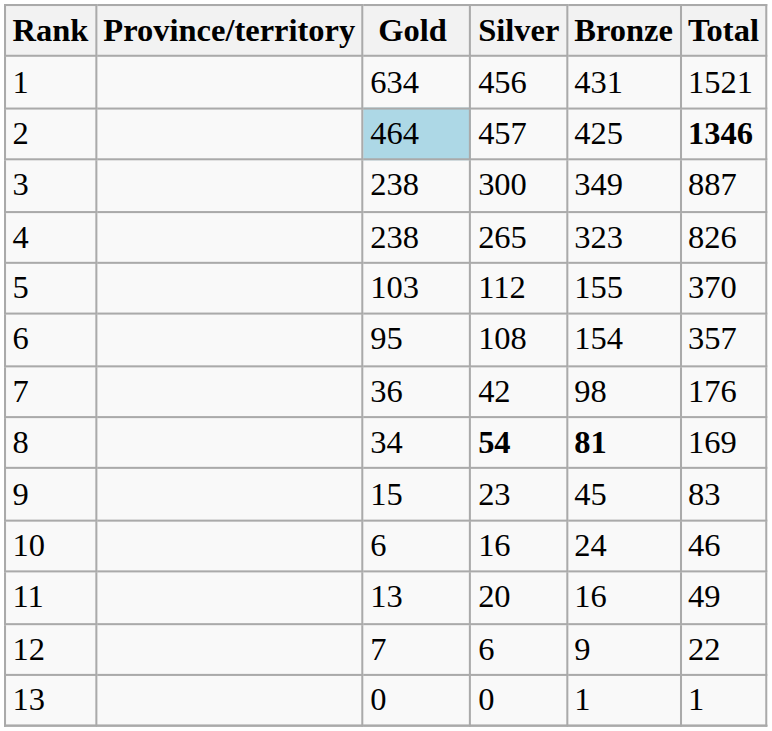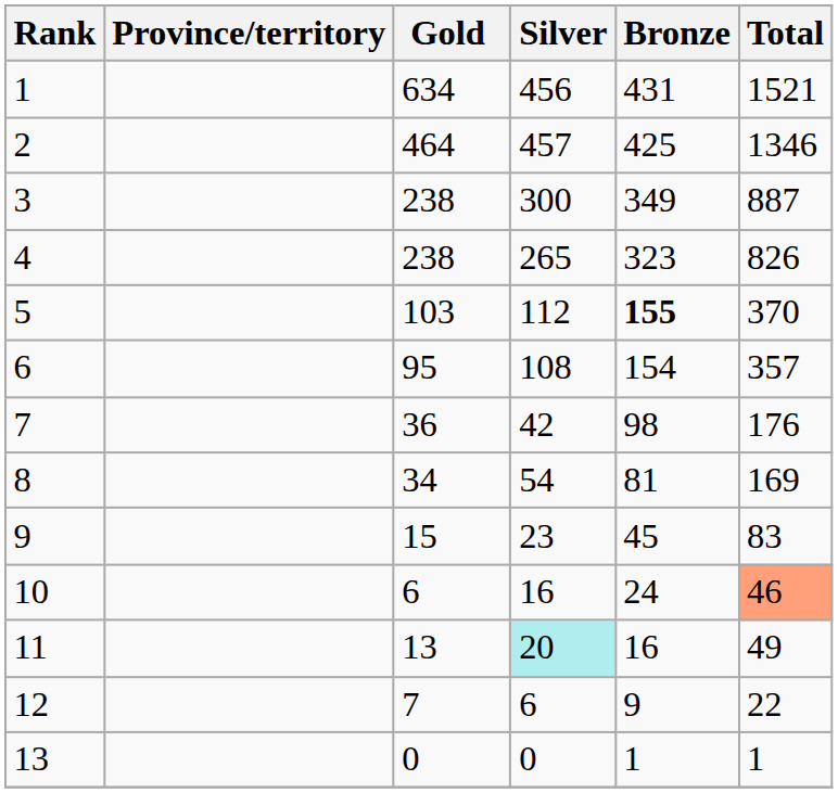 <table class="wikitable sortable">
 <tr>
 <th>Rank</th>
 <th>Province/territory</th>
 <th bgcolor="gold"> Gold  </th>
 <th bgcolor="silver">Silver</th>
 <th bgcolor="CC9966">Bronze</th>
 <th>Total</th>
 </tr>
 <tr>
 <td>1</td>
 <td></td>
 <td>634</td>
 <td>456</td>
 <td>431</td>
 <td>1521</td>
 </tr>
 <tr>
 <td>2</td>
 <td></td>
-<td style="background: lightblue;">464</td>
+<td>464</td>
 <td>457</td>
 <td>425</td>
-<td><strong>1346</strong></td>
+<td>1346</td>
 </tr>
 <tr>
 <td>3</td>
 <td></td>
 <td>238</td>
 <td>300</td>
 <td>349</td>
 <td>887</td>
 </tr>
 <tr>
 <td>4</td>
 <td></td>
 <td>238</td>
 <td>265</td>
 <td>323</td>
 <td>826</td>
 </tr>
 <tr>
 <td>5</td>
 <td></td>
 <td>103</td>
 <td>112</td>
-<td>155</td>
+<td><strong>155</strong></td>
 <td>370</td>
 </tr>
 <tr>
 <td>6</td>
 <td></td>
 <td>95</td>
 <td>108</td>
 <td>154</td>
 <td>357</td>
 </tr>
 <tr>
 <td>7</td>
 <td></td>
 <td>36</td>
 <td>42</td>
 <td>98</td>
 <td>176</td>
 </tr>
 <tr>
 <td>8</td>
 <td></td>
 <td>34</td>
-<td><strong>54</strong></td>
-<td><strong>81</strong></td>
+<td>54</td>
+<td>81</td>
 <td>169</td>
 </tr>
 <tr>
 <td>9</td>
 <td></td>
 <td>15</td>
 <td>23</td>
 <td>45</td>
 <td>83</td>
 </tr>
 <tr>
 <td>10</td>
 <td></td>
 <td>6</td>
 <td>16</td>
 <td>24</td>
-<td>46</td>
+<td style="background: lightsalmon;">46</td>
 </tr>
 <tr>
 <td>11</td>
 <td></td>
 <td>13</td>
-<td>20</td>
+<td style="background: paleturquoise;">20</td>
 <td>16</td>
 <td>49</td>
 </tr>
 <tr>
 <td>12</td>
 <td></td>
 <td>7</td>
 <td>6</td>
 <td>9</td>
 <td>22</td>
 </tr>
 <tr>
 <td>13</td>
 <td></td>
 <td>0</td>
 <td>0</td>
 <td>1</td>
 <td>1</td>
 </tr>
 <tr>
 </tr>
 </table>
